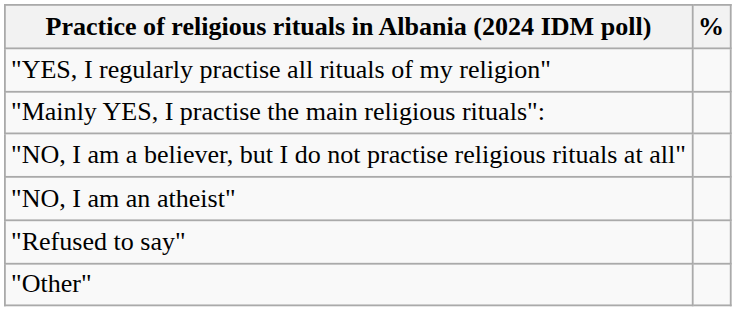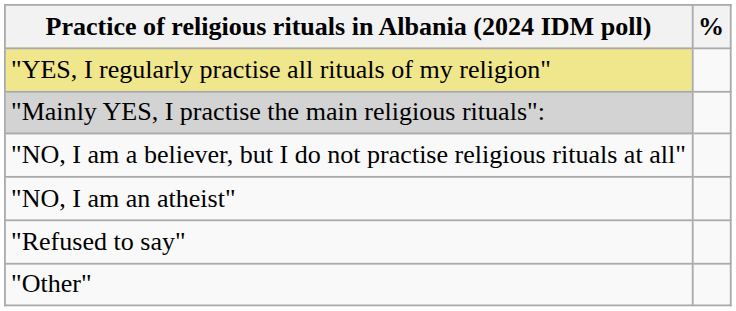 <table class="wikitable float" style="font-size: 90%">
 <tr>
 <th>Practice of religious rituals in Albania (2024 IDM poll) </th>
 <th colspan="2">%</th>
 </tr>
 <tr>
-<td>"YES, I regularly practise all rituals of my religion"</td>
+<td style="background: khaki;">"YES, I regularly practise all rituals of my religion"</td>
 <td align=right> </td>
 </tr>
 <tr>
-<td>"Mainly YES, I practise the main religious rituals":</td>
+<td style="background: lightgrey;">"Mainly YES, I practise the main religious rituals":</td>
 <td align=right> </td>
 </tr>
 <tr>
 <td>"NO, I am a believer, but I do not practise religious rituals at all"</td>
 <td align=right> </td>
 </tr>
 <tr>
 <td>"NO, I am an atheist"</td>
 <td align=right> </td>
 </tr>
 <tr>
 <td>"Refused to say"</td>
 <td align=right> </td>
 </tr>
 <tr>
 <td>"Other"</td>
 <td align=right> </td>
 </tr>
 </table>
